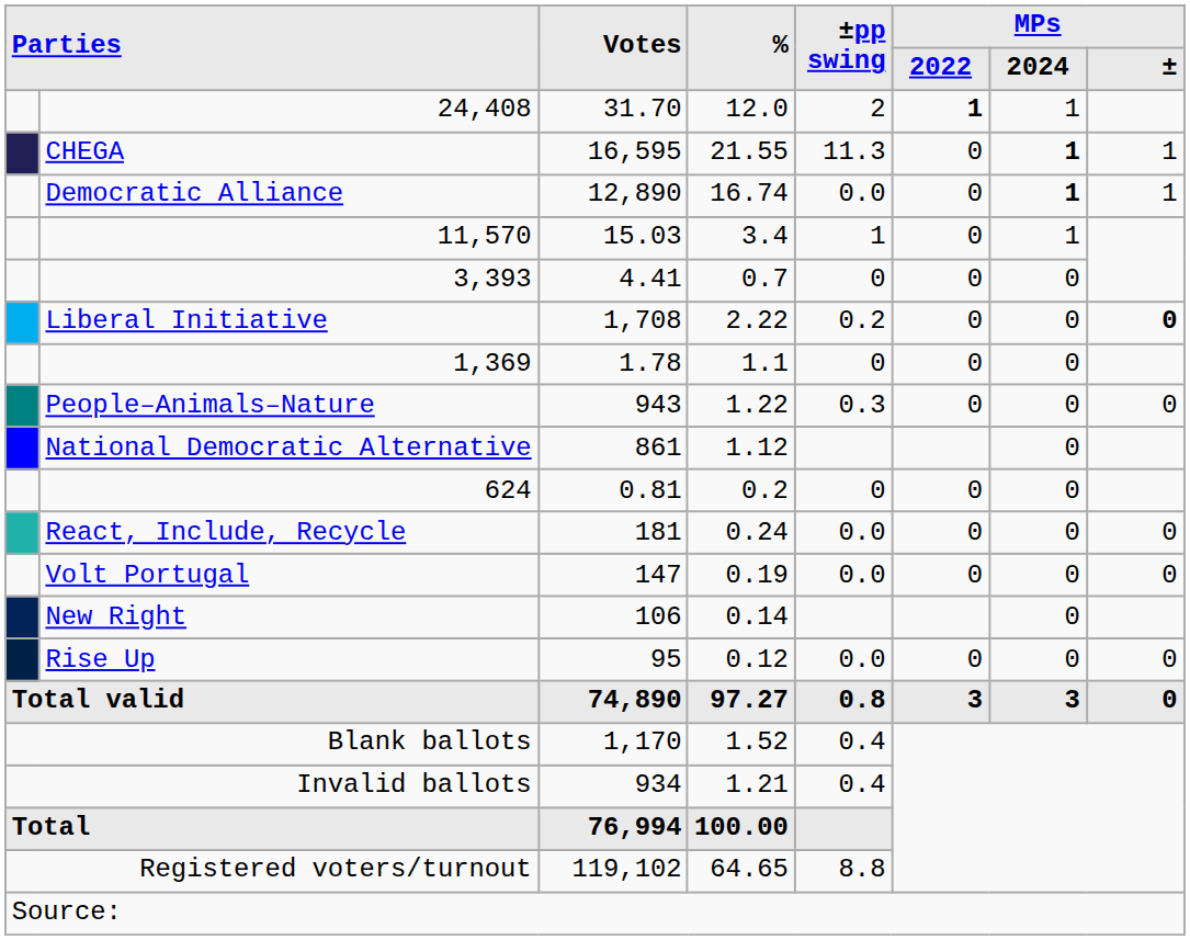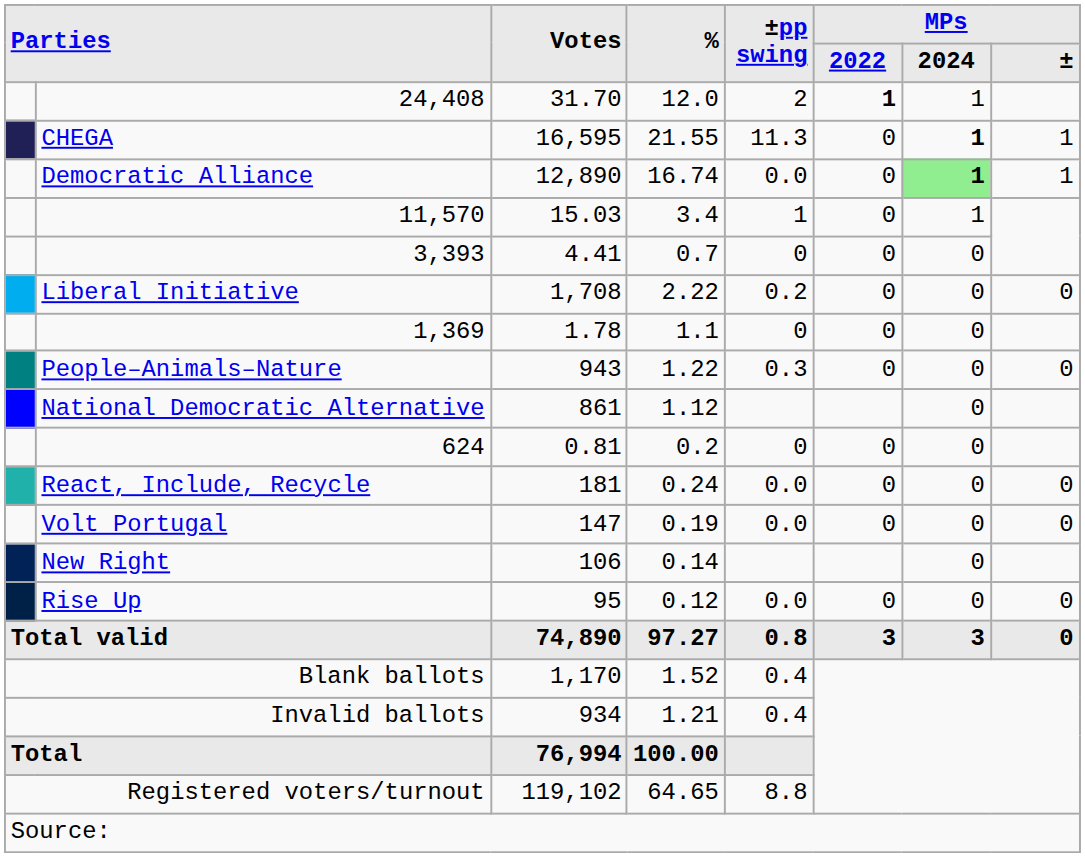 <table class="wikitable" style="text-align:right; font-size:95%;">
 <tr>
 <th rowspan="2" colspan="2" style="background:#e9e9e9; text-align:left;" alignleft><a href='#'>Parties</a></th>
 <th rowspan="2" style="background:#e9e9e9; text-align:right;">Votes</th>
 <th rowspan="2" style="background:#e9e9e9; text-align:right;">%</th>
 <th rowspan="2" style="background:#e9e9e9; text-align:right;">±<a href='#'>pp</a> <a href='#'>swing</a></th>
 <th colspan="3" style="background:#e9e9e9; text-align:center;"><a href='#'>MPs</a></th>
 </tr>
 <tr style="background-color:#E9E9E9">
 <th style="background-color:#E9E9E9;text-align:center;"><a href='#'>2022</a></th>
 <th style="background-color:#E9E9E9;text-align:center;">2024</th>
 <th style="background:#e9e9e9; text-align:right;">±</th>
 </tr>
 <tr>
 <td></td>
 <td>24,408</td>
 <td>31.70</td>
 <td>12.0</td>
 <td>2</td>
 <td><strong>1</strong></td>
 <td>1</td>
 </tr>
 <tr>
 <td style="width: 10px" bgcolor="#202056" align="center"></td>
 <td align="left"><a href='#'>CHEGA</a></td>
 <td>16,595</td>
 <td>21.55</td>
 <td>11.3</td>
 <td>0</td>
 <td><strong>1</strong></td>
 <td>1</td>
 </tr>
 <tr>
 <td style="width: 10px"></td>
 <td align="left"><a href='#'>Democratic Alliance</a> </td>
 <td>12,890</td>
 <td>16.74</td>
 <td>0.0</td>
 <td>0</td>
-<td><strong>1</strong></td>
+<td style="background: lightgreen;"><strong>1</strong></td>
 <td>1</td>
 </tr>
 <tr>
 <td></td>
 <td>11,570</td>
 <td>15.03</td>
 <td>3.4</td>
 <td>1</td>
 <td>0</td>
 <td>1</td>
 </tr>
 <tr>
 <td></td>
 <td>3,393</td>
 <td>4.41</td>
 <td>0.7</td>
 <td>0</td>
 <td>0</td>
 <td>0</td>
 </tr>
 <tr>
 <td style="width: 10px" bgcolor="#00ADEF" align="center"></td>
 <td align="left"><a href='#'>Liberal Initiative</a></td>
 <td>1,708</td>
 <td>2.22</td>
 <td>0.2</td>
 <td>0</td>
 <td>0</td>
-<td><strong>0</strong></td>
+<td>0</td>
 </tr>
 <tr>
 <td></td>
 <td>1,369</td>
 <td>1.78</td>
 <td>1.1</td>
 <td>0</td>
 <td>0</td>
 <td>0</td>
 </tr>
 <tr>
 <td style="width: 10px" bgcolor="teal" align="center"></td>
 <td align="left"><a href='#'>People–Animals–Nature</a></td>
 <td>943</td>
 <td>1.22</td>
 <td>0.3</td>
 <td>0</td>
 <td>0</td>
 <td>0</td>
 </tr>
 <tr>
 <td style="width: 10px" bgcolor="blue" align="center"></td>
 <td align="left"><a href='#'>National Democratic Alternative</a></td>
 <td>861</td>
 <td>1.12</td>
 <td></td>
 <td></td>
 <td>0</td>
 <td></td>
 </tr>
 <tr>
 <td></td>
 <td>624</td>
 <td>0.81</td>
 <td>0.2</td>
 <td>0</td>
 <td>0</td>
 <td>0</td>
 </tr>
 <tr>
 <td style="width: 10px" bgcolor="LightSeaGreen" align="center"></td>
 <td align="left"><a href='#'>React, Include, Recycle</a></td>
 <td>181</td>
 <td>0.24</td>
 <td>0.0</td>
 <td>0</td>
 <td>0</td>
 <td>0</td>
 </tr>
 <tr>
 <td style="width: 10px"></td>
 <td align="left"><a href='#'>Volt Portugal</a></td>
 <td>147</td>
 <td>0.19</td>
 <td>0.0</td>
 <td>0</td>
 <td>0</td>
 <td>0</td>
 </tr>
 <tr>
 <td style="width: 10px" bgcolor="#012257" align="center"></td>
 <td align="left"><a href='#'>New Right</a></td>
 <td>106</td>
 <td>0.14</td>
 <td></td>
 <td></td>
 <td>0</td>
 <td></td>
 </tr>
 <tr>
 <td style="width: 10px" bgcolor="#002147" align="center"></td>
 <td align="left"><a href='#'>Rise Up</a></td>
 <td>95</td>
 <td>0.12</td>
 <td>0.0</td>
 <td>0</td>
 <td>0</td>
 <td>0</td>
 </tr>
 <tr>
 <td colspan=2 align=left style="background-color:#E9E9E9"><strong>Total valid</strong></td>
 <td width="65" align="right" style="background-color:#E9E9E9"><strong>74,890</strong></td>
 <td width="40" align="right" style="background-color:#E9E9E9"><strong>97.27</strong></td>
 <td width="40" align="right" style="background-color:#E9E9E9"><strong>0.8</strong></td>
 <td width="40" align="right" style="background-color:#E9E9E9"><strong>3</strong></td>
 <td width="40" align="right" style="background-color:#E9E9E9"><strong>3</strong></td>
 <td width="40" align="right" style="background-color:#E9E9E9"><strong>0</strong></td>
 </tr>
 <tr>
 <td colspan=2>Blank ballots</td>
 <td>1,170</td>
 <td>1.52</td>
 <td>0.4</td>
 <td colspan="3" rowspan="4"></td>
 </tr>
 <tr>
 <td colspan=2>Invalid ballots</td>
 <td>934</td>
 <td>1.21</td>
 <td>0.4</td>
 </tr>
 <tr>
 <td colspan=2 align=left style="background-color:#E9E9E9"><strong>Total</strong></td>
 <td width="50" align="right" style="background-color:#E9E9E9"><strong>76,994</strong></td>
 <td width="40" align="right" style="background-color:#E9E9E9"><strong>100.00</strong></td>
 <td width="40" align="right" style="background-color:#E9E9E9"></td>
 </tr>
 <tr>
 <td colspan=2>Registered voters/turnout</td>
 <td>119,102</td>
 <td>64.65</td>
 <td>8.8</td>
 </tr>
 <tr>
 <td colspan=8 align=left>Source: </td>
 </tr>
 </table>
